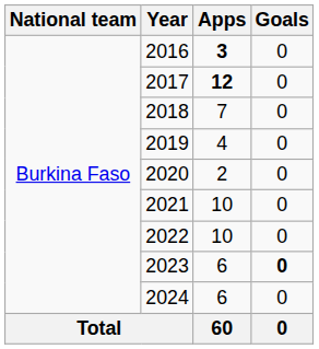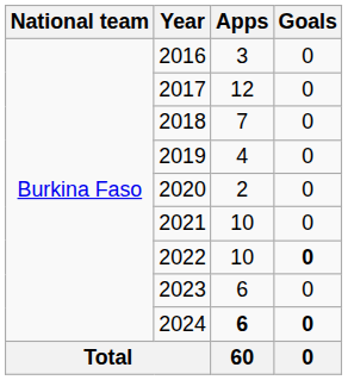 <table class=wikitable style=text-align:center>
 <tr>
 <th>National team</th>
 <th>Year</th>
 <th>Apps</th>
 <th>Goals</th>
 </tr>
 <tr>
 <td rowspan="9"><a href='#'>Burkina Faso</a></td>
 <td>2016</td>
-<td><strong>3</strong></td>
+<td>3</td>
 <td>0</td>
 </tr>
 <tr>
 <td>2017</td>
-<td><strong>12</strong></td>
+<td>12</td>
 <td>0</td>
 </tr>
 <tr>
 <td>2018</td>
 <td>7</td>
 <td>0</td>
 </tr>
 <tr>
 <td>2019</td>
 <td>4</td>
 <td>0</td>
 </tr>
 <tr>
 <td>2020</td>
 <td>2</td>
 <td>0</td>
 </tr>
 <tr>
 <td>2021</td>
 <td>10</td>
 <td>0</td>
 </tr>
 <tr>
 <td>2022</td>
 <td>10</td>
-<td>0</td>
+<td><strong>0</strong></td>
 </tr>
 <tr>
 <td>2023</td>
 <td>6</td>
-<td><strong>0</strong></td>
+<td>0</td>
 </tr>
 <tr>
 <td>2024</td>
-<td>6</td>
-<td>0</td>
+<td><strong>6</strong></td>
+<td><strong>0</strong></td>
 </tr>
 <tr>
 <th colspan="2">Total</th>
 <th>60</th>
 <th>0</th>
 </tr>
 </table>
